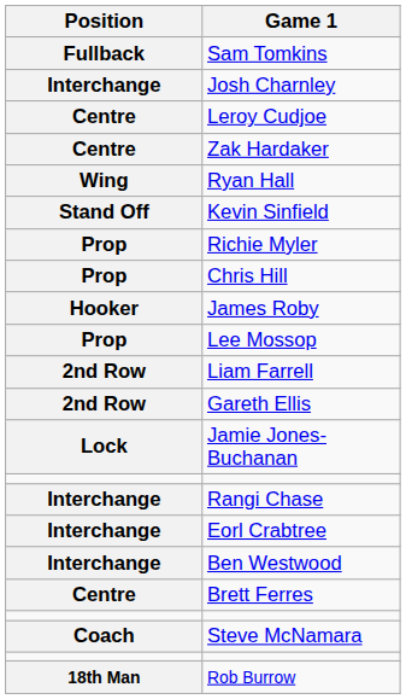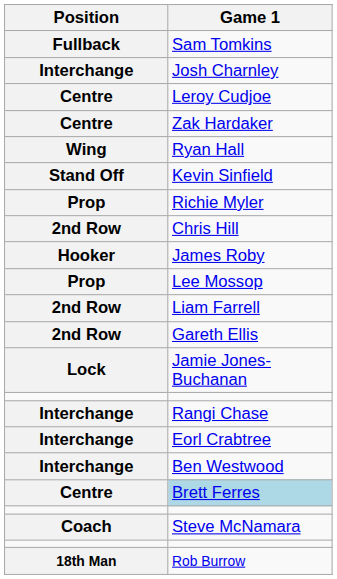 <table class="wikitable">
 <tr>
 <th style="width:150px;">Position</th>
 <th style="width:150px;">Game 1</th>
 </tr>
 <tr>
 <th>Fullback</th>
 <td colspan="1"><a href='#'>Sam Tomkins</a></td>
 </tr>
 <tr>
 <th>Interchange</th>
 <td colspan="1"><a href='#'>Josh Charnley</a></td>
 </tr>
 <tr>
 <th>Centre</th>
 <td colspan="1"><a href='#'>Leroy Cudjoe</a></td>
 </tr>
 <tr>
 <th>Centre</th>
 <td colspan="1"><a href='#'>Zak Hardaker</a></td>
 </tr>
 <tr>
 <th>Wing</th>
 <td colspan="1"><a href='#'>Ryan Hall</a></td>
 </tr>
 <tr>
 <th>Stand Off</th>
 <td colspan="1"><a href='#'>Kevin Sinfield</a></td>
 </tr>
 <tr>
 <th>Prop</th>
 <td colspan="1"><a href='#'>Richie Myler</a></td>
 </tr>
 <tr>
-<th>Prop</th>
+<th>2nd Row</th>
 <td colspan="1"><a href='#'>Chris Hill</a></td>
 </tr>
 <tr>
 <th>Hooker</th>
 <td colspan="1"><a href='#'>James Roby</a></td>
 </tr>
 <tr>
 <th>Prop</th>
 <td colspan="1"><a href='#'>Lee Mossop</a></td>
 </tr>
 <tr>
 <th>2nd Row</th>
 <td colspan="1"><a href='#'>Liam Farrell</a></td>
 </tr>
 <tr>
 <th>2nd Row</th>
 <td colspan="1"><a href='#'>Gareth Ellis</a></td>
 </tr>
 <tr>
 <th>Lock</th>
 <td colspan="1"><a href='#'>Jamie Jones-Buchanan</a></td>
 </tr>
 <tr>
 <td></td>
 </tr>
 <tr>
 <th>Interchange</th>
 <td colspan="1"><a href='#'>Rangi Chase</a></td>
 </tr>
 <tr>
 <th>Interchange</th>
 <td colspan="1"><a href='#'>Eorl Crabtree</a></td>
 </tr>
 <tr>
 <th>Interchange</th>
 <td colspan="1"><a href='#'>Ben Westwood</a></td>
 </tr>
 <tr>
 <th>Centre</th>
-<td colspan="1"><a href='#'>Brett Ferres</a></td>
+<td colspan="1" style="background: lightblue;"><a href='#'>Brett Ferres</a></td>
 </tr>
 <tr>
 <td></td>
 </tr>
 <tr>
 <th>Coach</th>
 <td colspan="1"><a href='#'>Steve McNamara</a></td>
 </tr>
 <tr>
 <td></td>
 </tr>
 <tr>
 <th><small>18th Man</small></th>
 <td colspan="1"><small><a href='#'>Rob Burrow</a></small></td>
 </tr>
 </table>
